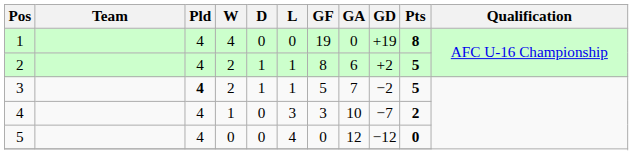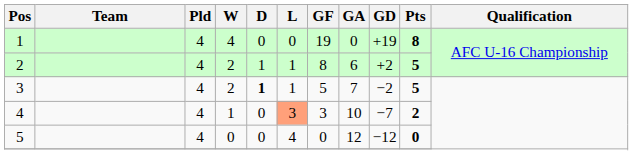 <table class="wikitable" border="1" style="text-align: center;">
 <tr>
 <th width="25"><abbr>Pos</abbr></th>
 <th width="150">Team</th>
 <th width="25"><abbr>Pld</abbr></th>
 <th width="25"><abbr>W</abbr></th>
 <th width="25"><abbr>D</abbr></th>
 <th width="25"><abbr>L</abbr></th>
 <th width="25"><abbr>GF</abbr></th>
 <th width="25"><abbr>GA</abbr></th>
 <th width="25"><abbr>GD</abbr></th>
 <th width="25"><abbr>Pts</abbr></th>
 <th width="200">Qualification</th>
 </tr>
 <tr bgcolor=#CCFFCC>
 <td>1</td>
 <td align="left"></td>
 <td>4</td>
 <td>4</td>
 <td>0</td>
 <td>0</td>
 <td>19</td>
 <td>0</td>
 <td>+19</td>
 <td><strong>8</strong></td>
 <td rowspan=2><a href='#'>AFC U-16 Championship</a></td>
 </tr>
 <tr bgcolor=#CCFFCC>
 <td>2</td>
 <td align="left"></td>
 <td>4</td>
 <td>2</td>
 <td>1</td>
 <td>1</td>
 <td>8</td>
 <td>6</td>
 <td>+2</td>
 <td><strong>5</strong></td>
 </tr>
 <tr>
 <td>3</td>
 <td align="left"></td>
-<td><strong>4</strong></td>
+<td>4</td>
 <td>2</td>
-<td>1</td>
+<td><strong>1</strong></td>
 <td>1</td>
 <td>5</td>
 <td>7</td>
 <td>−2</td>
 <td><strong>5</strong></td>
 </tr>
 <tr>
 <td>4</td>
 <td align="left"></td>
 <td>4</td>
 <td>1</td>
 <td>0</td>
-<td>3</td>
+<td style="background: lightsalmon;">3</td>
 <td>3</td>
 <td>10</td>
 <td>−7</td>
 <td><strong>2</strong></td>
 </tr>
 <tr>
 <td>5</td>
 <td align="left"></td>
 <td>4</td>
 <td>0</td>
 <td>0</td>
 <td>4</td>
 <td>0</td>
 <td>12</td>
 <td>−12</td>
 <td><strong>0</strong></td>
 </tr>
 <tr>
 </tr>
 </table>
